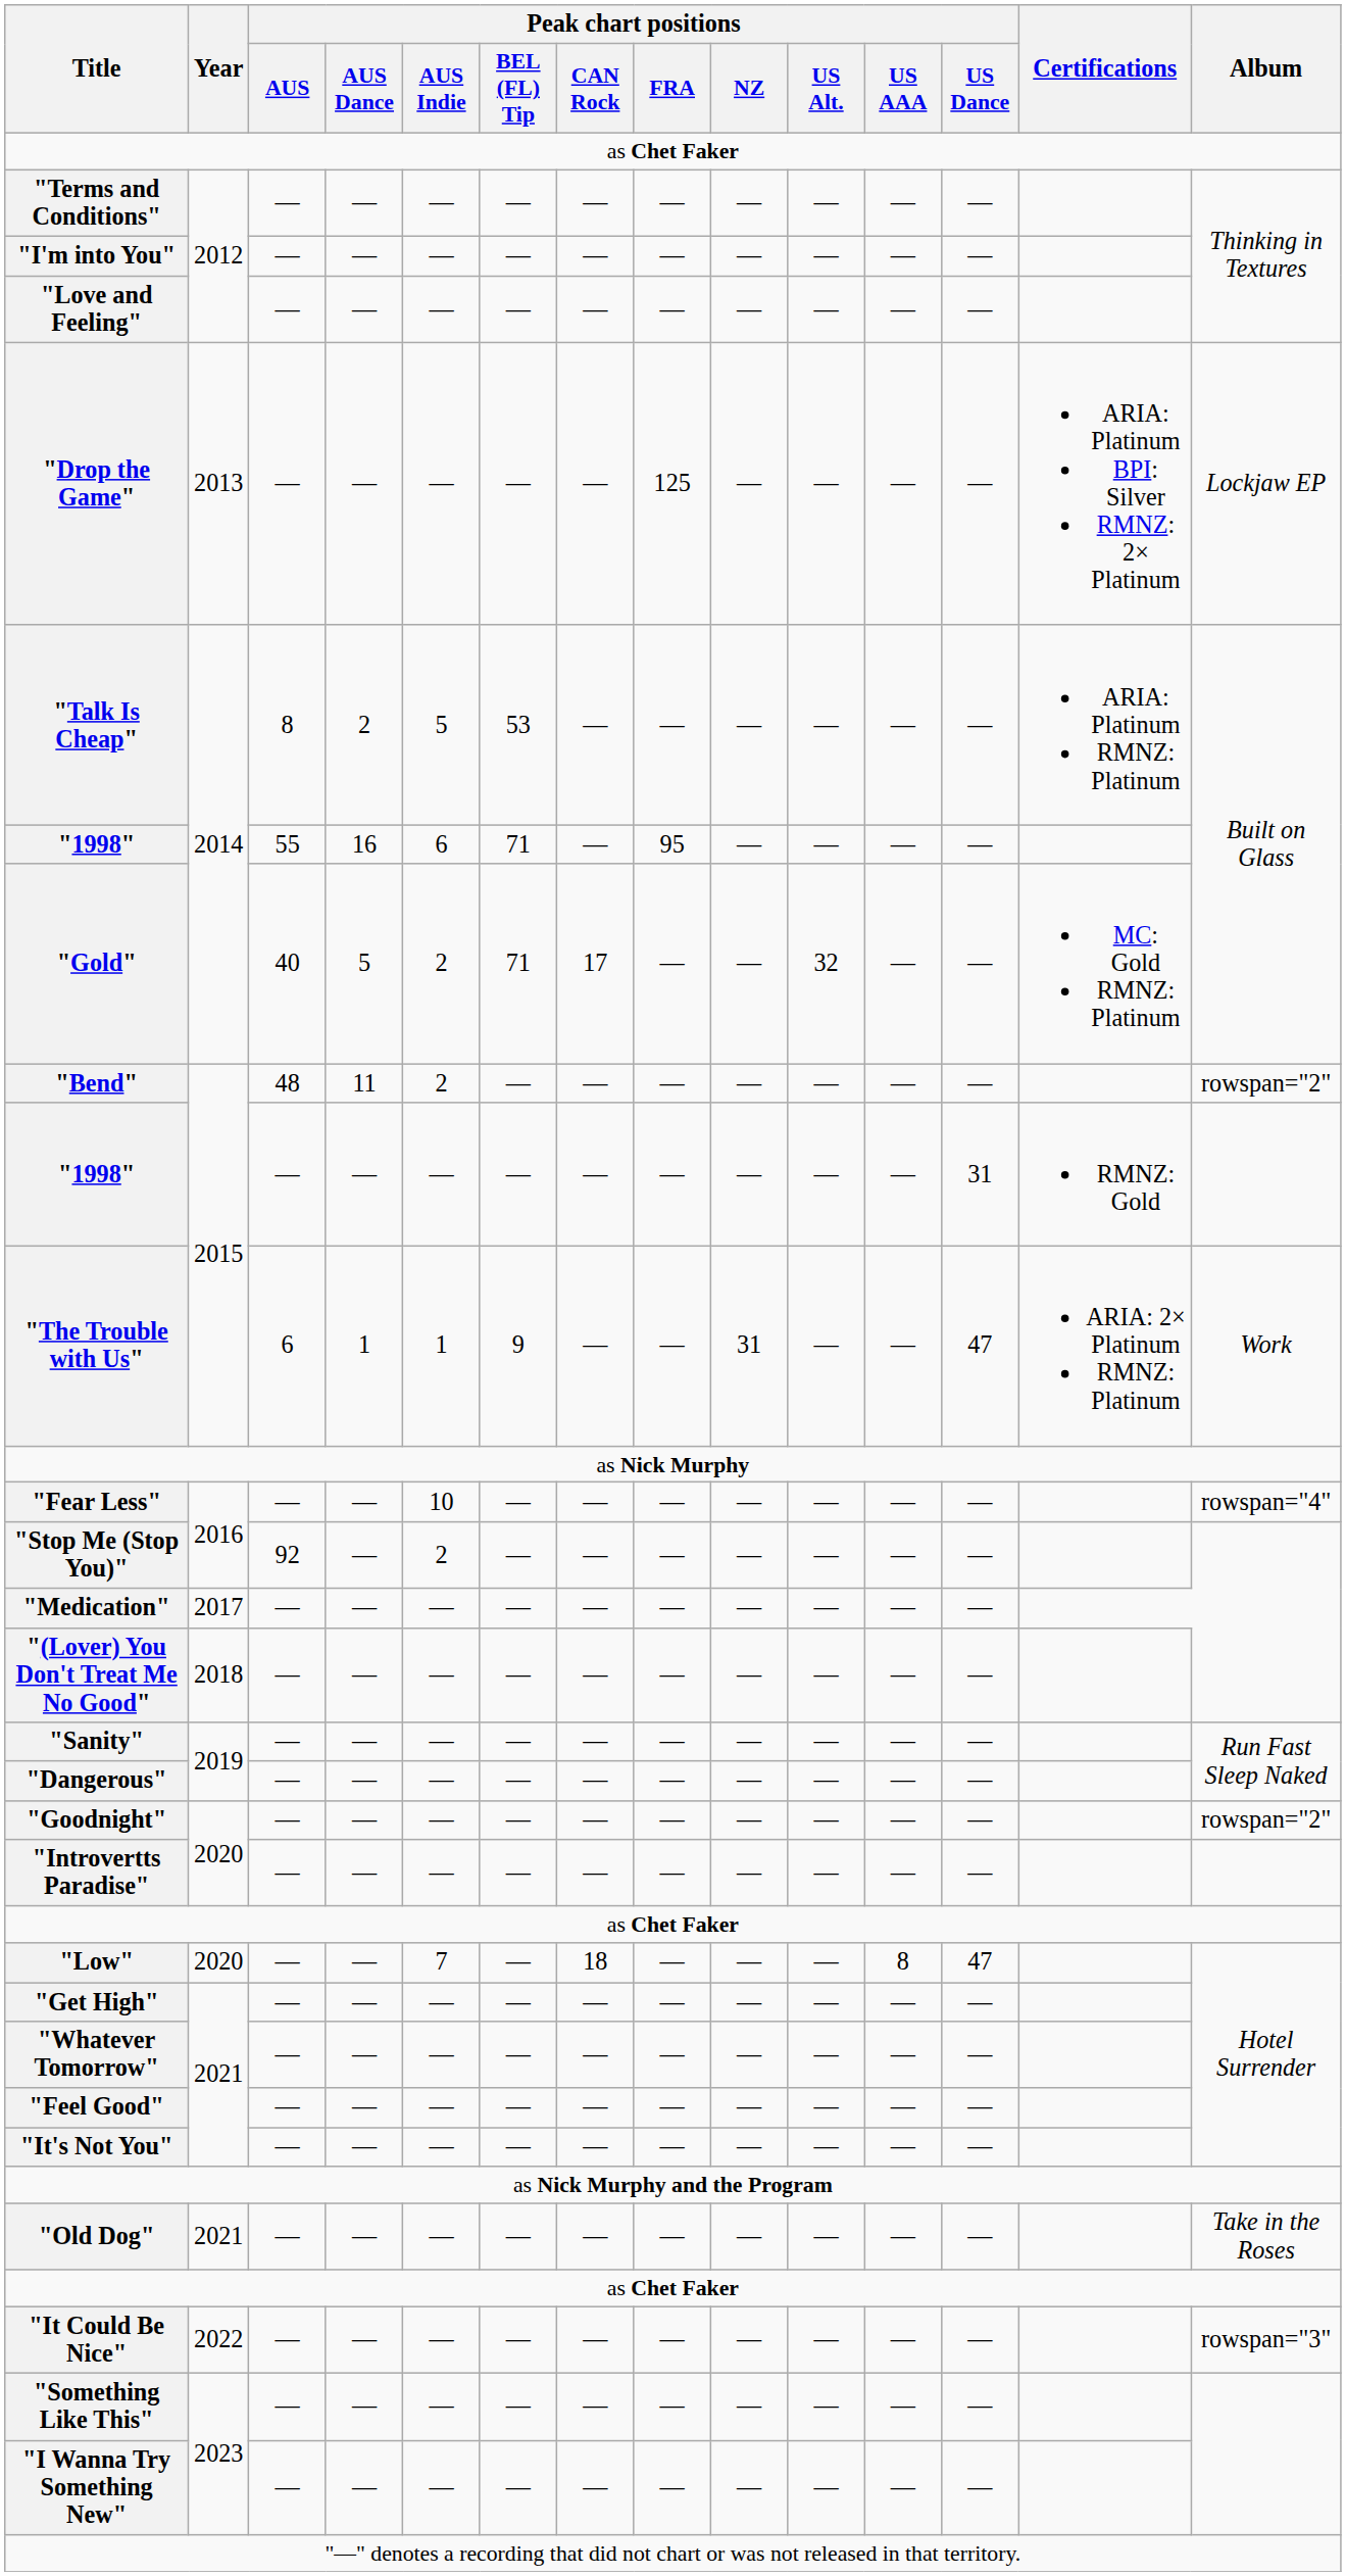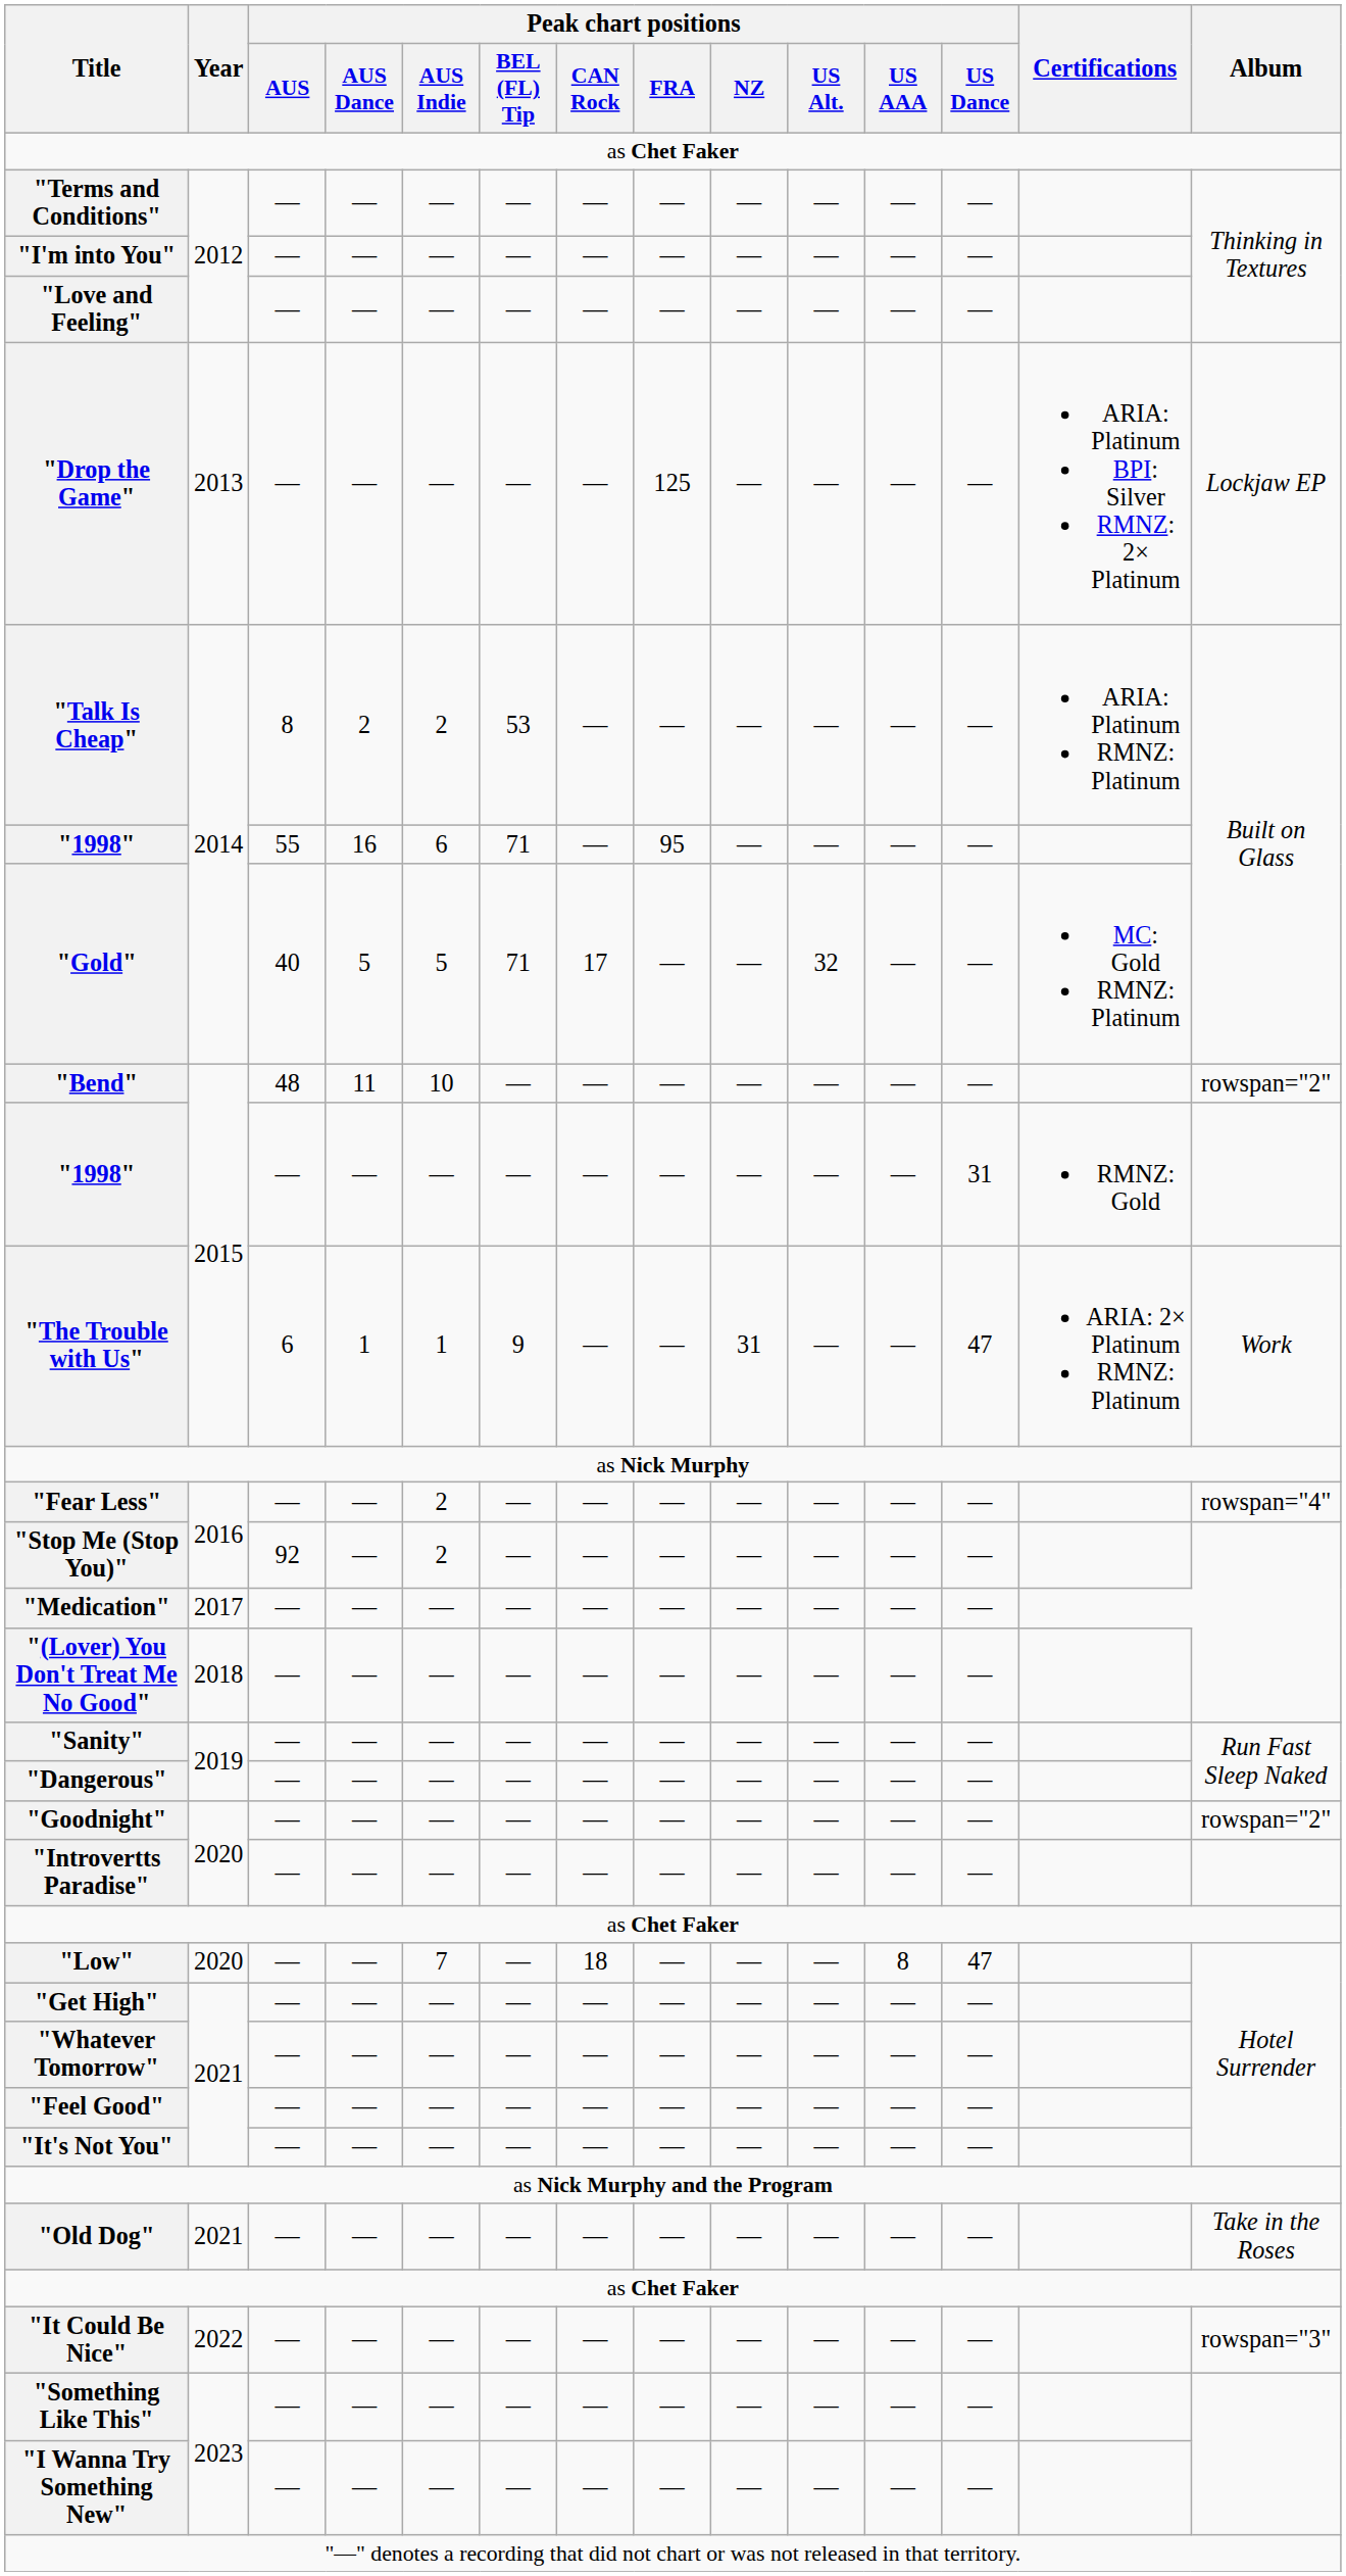 <table class="wikitable plainrowheaders" style="text-align:center;">
 <tr>
 <th scope="col" rowspan="2">Title</th>
 <th scope="col" rowspan="2">Year</th>
 <th colspan="10" scope="col">Peak chart positions</th>
 <th scope="col" rowspan="2"><a href='#'>Certifications</a></th>
 <th scope="col" rowspan="2">Album</th>
 </tr>
 <tr>
 <th scope="col" style="width:3em;font-size:90%;"><a href='#'>AUS</a><br></th>
 <th scope="col" style="width:3em;font-size:90%;"><a href='#'>AUS<br>Dance</a><br></th>
 <th scope="col" style="width:3em;font-size:90%;"><a href='#'>AUS<br>Indie</a><br></th>
 <th scope="col" style="width:3em;font-size:90%;"><a href='#'>BEL<br>(FL)<br>Tip</a><br></th>
 <th scope="col" style="width:3em;font-size:90%;"><a href='#'>CAN<br>Rock</a><br></th>
 <th scope="col" style="width:3em;font-size:90%;"><a href='#'>FRA</a><br></th>
 <th scope="col" style="width:3em;font-size:90%;"><a href='#'>NZ</a><br></th>
 <th scope="col" style="width:3em;font-size:90%;"><a href='#'>US<br>Alt.</a><br></th>
 <th scope="col" style="width:3em;font-size:90%;"><a href='#'>US AAA</a><br></th>
 <th scope="col" style="width:3em;font-size:90%;"><a href='#'>US<br>Dance</a><br></th>
 </tr>
 <tr>
 <td colspan="14" style="font-size:90%">as <strong>Chet Faker</strong></td>
 </tr>
 <tr>
 <th scope="row">"Terms and Conditions"</th>
 <td rowspan="3">2012</td>
 <td>—</td>
 <td>—</td>
 <td>—</td>
 <td>—</td>
 <td>—</td>
 <td>—</td>
 <td>—</td>
 <td>—</td>
 <td>—</td>
 <td>—</td>
 <td></td>
 <td rowspan="3"><em>Thinking in Textures</em></td>
 </tr>
 <tr>
 <th scope="row">"I'm into You"</th>
 <td>—</td>
 <td>—</td>
 <td>—</td>
 <td>—</td>
 <td>—</td>
 <td>—</td>
 <td>—</td>
 <td>—</td>
 <td>—</td>
 <td>—</td>
 <td></td>
 </tr>
 <tr>
 <th scope="row">"Love and Feeling"</th>
 <td>—</td>
 <td>—</td>
 <td>—</td>
 <td>—</td>
 <td>—</td>
 <td>—</td>
 <td>—</td>
 <td>—</td>
 <td>—</td>
 <td>—</td>
 <td></td>
 </tr>
 <tr>
 <th scope="row">"<a href='#'>Drop the Game</a>"<br></th>
 <td>2013</td>
 <td>—</td>
 <td>—</td>
 <td>—</td>
 <td>—</td>
 <td>—</td>
 <td>125</td>
 <td>—</td>
 <td>—</td>
 <td>—</td>
 <td>—</td>
 <td><br><ul><li>ARIA: Platinum</li><li><a href='#'>BPI</a>: Silver</li><li><a href='#'>RMNZ</a>: 2× Platinum</li></ul></td>
 <td><em>Lockjaw EP</em></td>
 </tr>
 <tr>
 <th scope="row">"<a href='#'>Talk Is Cheap</a>"</th>
 <td rowspan="3">2014</td>
 <td>8</td>
 <td>2</td>
-<td>5</td>
+<td>2</td>
 <td>53</td>
 <td>—</td>
 <td>—</td>
 <td>—</td>
 <td>—</td>
 <td>—</td>
 <td>—</td>
 <td><br><ul><li>ARIA: Platinum</li><li>RMNZ: Platinum</li></ul></td>
 <td rowspan="3"><em>Built on Glass</em></td>
 </tr>
 <tr>
 <th scope="row">"<a href='#'>1998</a>"</th>
 <td>55</td>
 <td>16</td>
 <td>6</td>
 <td>71</td>
 <td>—</td>
 <td>95</td>
 <td>—</td>
 <td>—</td>
 <td>—</td>
 <td>—</td>
 <td></td>
 </tr>
 <tr>
 <th scope="row">"<a href='#'>Gold</a>"</th>
 <td>40</td>
 <td>5</td>
-<td>2</td>
+<td>5</td>
 <td>71</td>
 <td>17</td>
 <td>—</td>
 <td>—</td>
 <td>32</td>
 <td>—</td>
 <td>—</td>
 <td><br><ul><li><a href='#'>MC</a>: Gold</li><li>RMNZ: Platinum</li></ul></td>
 </tr>
 <tr>
 <th scope="row">"<a href='#'>Bend</a>"</th>
 <td rowspan="3">2015</td>
 <td>48</td>
 <td>11</td>
-<td>2</td>
+<td>10</td>
 <td>—</td>
 <td>—</td>
 <td>—</td>
 <td>—</td>
 <td>—</td>
 <td>—</td>
 <td>—</td>
 <td></td>
 <td>rowspan="2" </td>
 </tr>
 <tr>
 <th scope="row">"<a href='#'>1998</a>"<br></th>
 <td>—</td>
 <td>—</td>
 <td>—</td>
 <td>—</td>
 <td>—</td>
 <td>—</td>
 <td>—</td>
 <td>—</td>
 <td>—</td>
 <td>31</td>
 <td><br><ul><li>RMNZ: Gold</li></ul></td>
 </tr>
 <tr>
 <th scope="row">"<a href='#'>The Trouble with Us</a>"<br></th>
 <td>6</td>
 <td>1</td>
 <td>1</td>
 <td>9</td>
 <td>—</td>
 <td>—</td>
 <td>31</td>
 <td>—</td>
 <td>—</td>
 <td>47</td>
 <td><br><ul><li>ARIA: 2× Platinum</li><li>RMNZ: Platinum</li></ul></td>
 <td><em>Work</em></td>
 </tr>
 <tr>
 <td colspan="14" style="font-size:90%">as <strong>Nick Murphy</strong></td>
 </tr>
 <tr>
 <th scope="row">"Fear Less"</th>
 <td rowspan="2">2016</td>
 <td>—</td>
 <td>—</td>
-<td>10</td>
+<td>2</td>
 <td>—</td>
 <td>—</td>
 <td>—</td>
 <td>—</td>
 <td>—</td>
 <td>—</td>
 <td>—</td>
 <td></td>
 <td>rowspan="4" </td>
 </tr>
 <tr>
 <th scope="row">"Stop Me (Stop You)"</th>
 <td>92</td>
 <td>—</td>
 <td>2</td>
 <td>—</td>
 <td>—</td>
 <td>—</td>
 <td>—</td>
 <td>—</td>
 <td>—</td>
 <td>—</td>
 <td></td>
 </tr>
 <tr>
 <th scope="row">"Medication"</th>
 <td>2017</td>
 <td>—</td>
 <td>—</td>
 <td>—</td>
 <td>—</td>
 <td>—</td>
 <td>—</td>
 <td>—</td>
 <td>—</td>
 <td>—</td>
 <td>—</td>
 </tr>
 <tr>
 <th scope="row">"<a href='#'>(Lover) You Don't Treat Me No Good</a>"<br></th>
 <td>2018</td>
 <td>—</td>
 <td>—</td>
 <td>—</td>
 <td>—</td>
 <td>—</td>
 <td>—</td>
 <td>—</td>
 <td>—</td>
 <td>—</td>
 <td>—</td>
 <td></td>
 </tr>
 <tr>
 <th scope="row">"Sanity"</th>
 <td rowspan="2">2019</td>
 <td>—</td>
 <td>—</td>
 <td>—</td>
 <td>—</td>
 <td>—</td>
 <td>—</td>
 <td>—</td>
 <td>—</td>
 <td>—</td>
 <td>—</td>
 <td></td>
 <td rowspan="2"><em>Run Fast Sleep Naked</em></td>
 </tr>
 <tr>
 <th scope="row">"Dangerous"</th>
 <td>—</td>
 <td>—</td>
 <td>—</td>
 <td>—</td>
 <td>—</td>
 <td>—</td>
 <td>—</td>
 <td>—</td>
 <td>—</td>
 <td>—</td>
 <td></td>
 </tr>
 <tr>
 <th scope="row">"Goodnight"</th>
 <td rowspan="2">2020</td>
 <td>—</td>
 <td>—</td>
 <td>—</td>
 <td>—</td>
 <td>—</td>
 <td>—</td>
 <td>—</td>
 <td>—</td>
 <td>—</td>
 <td>—</td>
 <td></td>
 <td>rowspan="2" </td>
 </tr>
 <tr>
 <th scope="row">"Introvertts Paradise"</th>
 <td>—</td>
 <td>—</td>
 <td>—</td>
 <td>—</td>
 <td>—</td>
 <td>—</td>
 <td>—</td>
 <td>—</td>
 <td>—</td>
 <td>—</td>
 <td></td>
 </tr>
 <tr>
 <td colspan="14" style="font-size:90%">as <strong>Chet Faker</strong></td>
 </tr>
 <tr>
 <th scope="row">"Low"</th>
 <td>2020</td>
 <td>—</td>
 <td>—</td>
 <td>7</td>
 <td>—</td>
 <td>18</td>
 <td>—</td>
 <td>—</td>
 <td>—</td>
 <td>8</td>
 <td>47</td>
 <td></td>
 <td rowspan="5"><em>Hotel Surrender</em></td>
 </tr>
 <tr>
 <th scope="row">"Get High"</th>
 <td rowspan="4">2021</td>
 <td>—</td>
 <td>—</td>
 <td>—</td>
 <td>—</td>
 <td>—</td>
 <td>—</td>
 <td>—</td>
 <td>—</td>
 <td>—</td>
 <td>—</td>
 </tr>
 <tr>
 <th scope="row">"Whatever Tomorrow"</th>
 <td>—</td>
 <td>—</td>
 <td>—</td>
 <td>—</td>
 <td>—</td>
 <td>—</td>
 <td>—</td>
 <td>—</td>
 <td>—</td>
 <td>—</td>
 <td></td>
 </tr>
 <tr>
 <th scope="row">"Feel Good"</th>
 <td>—</td>
 <td>—</td>
 <td>—</td>
 <td>—</td>
 <td>—</td>
 <td>—</td>
 <td>—</td>
 <td>—</td>
 <td>—</td>
 <td>—</td>
 <td></td>
 </tr>
 <tr>
 <th scope="row">"It's Not You"</th>
 <td>—</td>
 <td>—</td>
 <td>—</td>
 <td>—</td>
 <td>—</td>
 <td>—</td>
 <td>—</td>
 <td>—</td>
 <td>—</td>
 <td>—</td>
 <td></td>
 </tr>
 <tr>
 <td colspan="14" style="font-size:90%">as <strong>Nick Murphy and the Program</strong></td>
 </tr>
 <tr>
 <th scope="row">"Old Dog"</th>
 <td>2021</td>
 <td>—</td>
 <td>—</td>
 <td>—</td>
 <td>—</td>
 <td>—</td>
 <td>—</td>
 <td>—</td>
 <td>—</td>
 <td>—</td>
 <td>—</td>
 <td></td>
 <td><em>Take in the Roses</em></td>
 </tr>
 <tr>
 <td colspan="14" style="font-size:90%">as <strong>Chet Faker</strong></td>
 </tr>
 <tr>
 <th scope="row">"It Could Be Nice"</th>
 <td>2022</td>
 <td>—</td>
 <td>—</td>
 <td>—</td>
 <td>—</td>
 <td>—</td>
 <td>—</td>
 <td>—</td>
 <td>—</td>
 <td>—</td>
 <td>—</td>
 <td></td>
 <td>rowspan="3" </td>
 </tr>
 <tr>
 <th scope="row">"Something Like This"</th>
 <td rowspan="2">2023</td>
 <td>—</td>
 <td>—</td>
 <td>—</td>
 <td>—</td>
 <td>—</td>
 <td>—</td>
 <td>—</td>
 <td>—</td>
 <td>—</td>
 <td>—</td>
 <td></td>
 </tr>
 <tr>
 <th scope="row">"I Wanna Try Something New"</th>
 <td>—</td>
 <td>—</td>
 <td>—</td>
 <td>—</td>
 <td>—</td>
 <td>—</td>
 <td>—</td>
 <td>—</td>
 <td>—</td>
 <td>—</td>
 <td></td>
 </tr>
 <tr>
 <td colspan="14" style="font-size:90%">"—" denotes a recording that did not chart or was not released in that territory.</td>
 </tr>
 </table>
